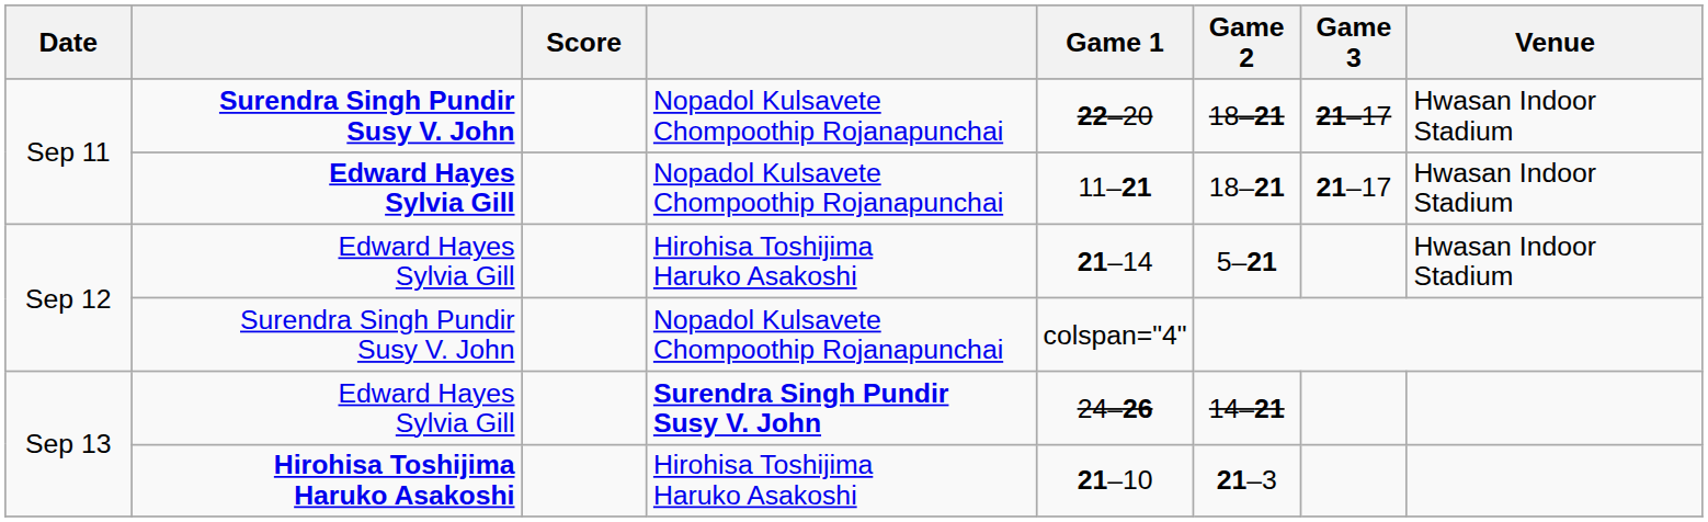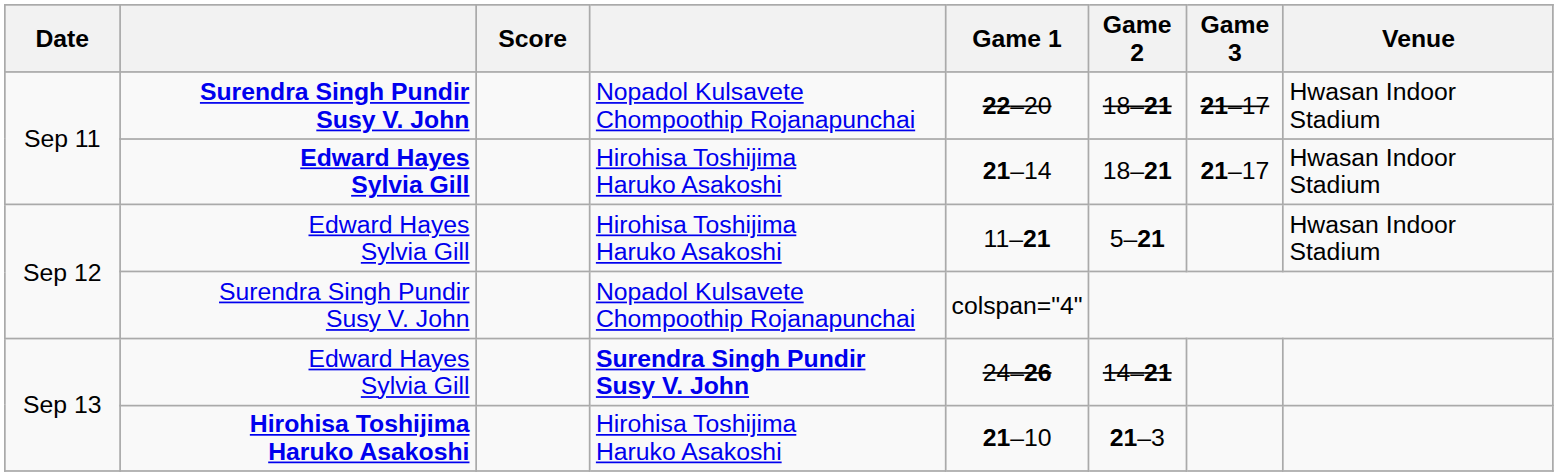 <table class="wikitable" style="text-align: center; font-size:90% ">
 <tr>
 <th width="60">Date</th>
 <th align="right" width="200"></th>
 <th width="60">Score</th>
 <th align="left" width="200"></th>
 <th width="50">Game 1</th>
 <th width="50">Game 2</th>
 <th width="50">Game 3</th>
 <th width="150">Venue</th>
 </tr>
 <tr>
 <td rowspan="2">Sep 11</td>
 <td align="right"><strong><a href='#'>Surendra Singh Pundir</a> <br><a href='#'>Susy V. John</a> </strong></td>
 <td align="center"><s></s></td>
 <td align="left"> <a href='#'>Nopadol Kulsavete</a><br> <a href='#'>Chompoothip Rojanapunchai</a></td>
 <td><s><strong>22</strong>–20</s></td>
 <td><s>18–<strong>21</strong></s></td>
 <td><s><strong>21</strong>–17</s></td>
 <td align="left">Hwasan Indoor Stadium</td>
 </tr>
 <tr>
 <td align="right"><strong><a href='#'>Edward Hayes</a> <br><a href='#'>Sylvia Gill</a> </strong></td>
 <td align="center"></td>
-<td align="left"> <a href='#'>Nopadol Kulsavete</a><br> <a href='#'>Chompoothip Rojanapunchai</a></td>
-<td>11–<strong>21</strong></td>
+<td align="left"> <a href='#'>Hirohisa Toshijima</a><br> <a href='#'>Haruko Asakoshi</a></td>
+<td><strong>21</strong>–14</td>
 <td>18–<strong>21</strong></td>
 <td><strong>21</strong>–17</td>
 <td align="left">Hwasan Indoor Stadium</td>
 </tr>
 <tr>
 <td rowspan="2">Sep 12</td>
 <td align="right"><a href='#'>Edward Hayes</a> <br><a href='#'>Sylvia Gill</a> </td>
 <td align="center"></td>
 <td align="left"> <a href='#'>Hirohisa Toshijima</a><br> <a href='#'>Haruko Asakoshi</a></td>
-<td><strong>21</strong>–14</td>
+<td>11–<strong>21</strong></td>
 <td>5–<strong>21</strong></td>
 <td></td>
 <td align="left">Hwasan Indoor Stadium</td>
 </tr>
 <tr>
 <td align="right"><a href='#'>Surendra Singh Pundir</a> <br><a href='#'>Susy V. John</a> </td>
 <td align="center"></td>
 <td align="left"> <a href='#'>Nopadol Kulsavete</a><br> <a href='#'>Chompoothip Rojanapunchai</a></td>
 <td>colspan="4" </td>
 </tr>
 <tr>
 <td rowspan="2">Sep 13</td>
 <td align="right"><a href='#'>Edward Hayes</a> <br><a href='#'>Sylvia Gill</a> </td>
 <td align="center"></td>
 <td align="left"><strong> <a href='#'>Surendra Singh Pundir</a><br> <a href='#'>Susy V. John</a></strong></td>
 <td><s>24–<strong>26</strong></s></td>
 <td><s>14–<strong>21</strong></s></td>
 <td></td>
 <td align="left"></td>
 </tr>
 <tr>
 <td align="right"><strong><a href='#'>Hirohisa Toshijima</a> <br><a href='#'>Haruko Asakoshi</a> </strong></td>
 <td align="center"></td>
 <td align="left"> <a href='#'>Hirohisa Toshijima</a><br> <a href='#'>Haruko Asakoshi</a></td>
 <td><strong>21</strong>–10</td>
 <td><strong>21</strong>–3</td>
 <td></td>
 <td align="left"></td>
 </tr>
 </table>
